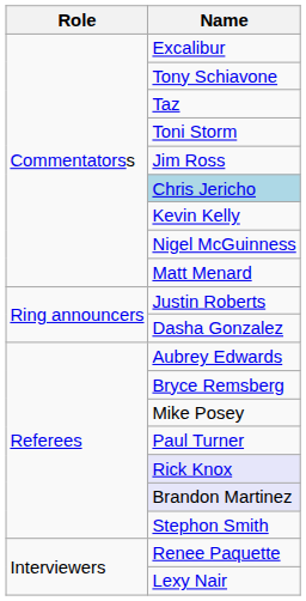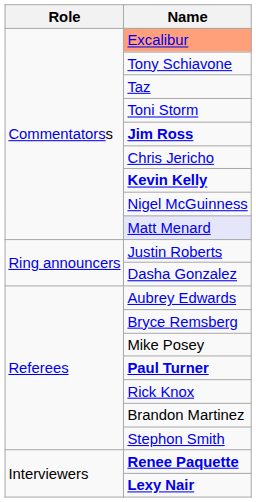 <table class=wikitable style="font-size:90%; margin: 0.5em 0 0.5em 1em; float: right; clear: right;">
 <tr>
 <th>Role</th>
 <th>Name</th>
 </tr>
 <tr>
 <td rowspan=9><a href='#'>Commentators</a>s</td>
-<td><a href='#'>Excalibur</a> </td>
+<td style="background: lightsalmon;"><a href='#'>Excalibur</a> </td>
 </tr>
 <tr>
 <td><a href='#'>Tony Schiavone</a> </td>
 </tr>
 <tr>
 <td><a href='#'>Taz</a> </td>
 </tr>
 <tr>
 <td><a href='#'>Toni Storm</a> </td>
 </tr>
 <tr>
-<td><a href='#'>Jim Ross</a> </td>
+<td><strong><a href='#'>Jim Ross</a> </strong></td>
 </tr>
 <tr>
-<td style="background: lightblue;"><a href='#'>Chris Jericho</a> </td>
+<td><a href='#'>Chris Jericho</a> </td>
 </tr>
 <tr>
-<td><a href='#'>Kevin Kelly</a> </td>
+<td><strong><a href='#'>Kevin Kelly</a> </strong></td>
 </tr>
 <tr>
 <td><a href='#'>Nigel McGuinness</a> </td>
 </tr>
 <tr>
-<td><a href='#'>Matt Menard</a> </td>
+<td style="background: lavender;"><a href='#'>Matt Menard</a> </td>
 </tr>
 <tr>
 <td rowspan=2><a href='#'>Ring announcers</a></td>
 <td><a href='#'>Justin Roberts</a> </td>
 </tr>
 <tr>
 <td><a href='#'>Dasha Gonzalez</a> </td>
 </tr>
 <tr>
 <td rowspan=7><a href='#'>Referees</a></td>
 <td><a href='#'>Aubrey Edwards</a></td>
 </tr>
 <tr>
 <td><a href='#'>Bryce Remsberg</a></td>
 </tr>
 <tr>
 <td>Mike Posey</td>
 </tr>
 <tr>
-<td><a href='#'>Paul Turner</a></td>
+<td><strong><a href='#'>Paul Turner</a></strong></td>
 </tr>
 <tr>
-<td style="background: lavender;"><a href='#'>Rick Knox</a></td>
+<td><a href='#'>Rick Knox</a></td>
 </tr>
 <tr>
-<td style="background: lavender;">Brandon Martinez</td>
+<td>Brandon Martinez</td>
 </tr>
 <tr>
 <td><a href='#'>Stephon Smith</a></td>
 </tr>
 <tr>
 <td rowspan=2>Interviewers</td>
-<td><a href='#'>Renee Paquette</a></td>
+<td><strong><a href='#'>Renee Paquette</a></strong></td>
 </tr>
 <tr>
-<td><a href='#'>Lexy Nair</a></td>
+<td><strong><a href='#'>Lexy Nair</a></strong></td>
 </tr>
 </table>
